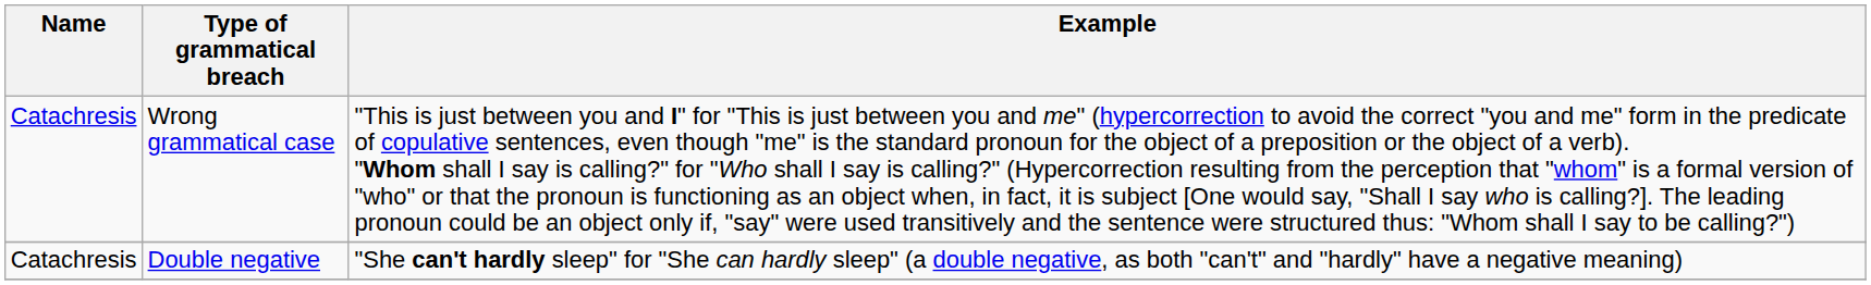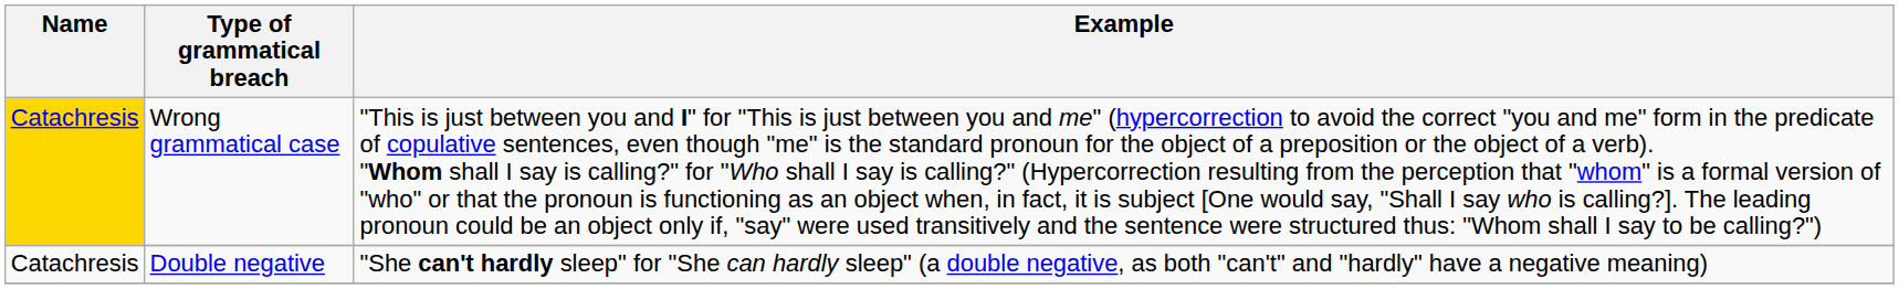 <table class="wikitable sortable">
 <tr valign="top">
 <th>Name</th>
 <th>Type of grammatical breach</th>
 <th>Example</th>
 </tr>
 <tr valign="top">
-<td><a href='#'>Catachresis</a></td>
+<td style="background: gold;"><a href='#'>Catachresis</a></td>
 <td>Wrong <a href='#'>grammatical case</a></td>
 <td>"This is just between you and <strong>I</strong>" for "This is just between you and <em>me</em>" (<a href='#'>hypercorrection</a> to avoid the correct "you and me" form in the predicate of <a href='#'>copulative</a> sentences, even though "me" is the standard pronoun for the object of a preposition or the object of a verb).<br>"<strong>Whom</strong> shall I say is calling?" for "<em>Who</em> shall I say is calling?" (Hypercorrection resulting from the perception that "<a href='#'>whom</a>" is a formal version of "who" or that the pronoun is functioning as an object when, in fact, it is subject [One would say, "Shall I say <em>who</em> is calling?]. The leading pronoun could be an object only if, "say" were used transitively and the sentence were structured thus: "Whom shall I say to be calling?")</td>
 </tr>
 <tr valign="top">
 </tr>
 <tr valign="top">
 <td>Catachresis</td>
 <td><a href='#'>Double negative</a></td>
 <td>"She <strong>can't hardly</strong> sleep" for "She <em>can hardly</em> sleep" (a <a href='#'>double negative</a>, as both "can't" and "hardly" have a negative meaning)</td>
 </tr>
 <tr valign="top">
 </tr>
 </table>
